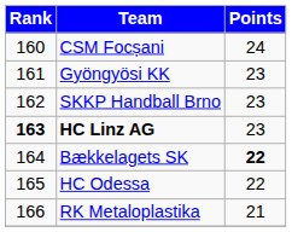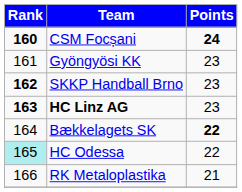 <table class="wikitable" style="text-align: center;">
 <tr>
 <th style="color:white; background:#0000FF">Rank</th>
 <th style="color:white; background:#0000FF">Team</th>
 <th style="color:white; background:#0000FF">Points</th>
 </tr>
 <tr>
-<td>160</td>
+<td><strong>160</strong></td>
 <td align=left> <a href='#'>CSM Focșani</a></td>
-<td>24</td>
+<td><strong>24</strong></td>
 </tr>
 <tr>
 <td>161</td>
 <td align=left> <a href='#'>Gyöngyösi KK</a></td>
 <td>23</td>
 </tr>
 <tr>
-<td>162</td>
+<td><strong>162</strong></td>
 <td align=left> <a href='#'>SKKP Handball Brno</a></td>
 <td>23</td>
 </tr>
 <tr>
 <td><strong>163</strong></td>
 <td align=left> <strong>HC Linz AG</strong></td>
 <td>23</td>
 </tr>
 <tr>
 <td>164</td>
 <td align=left> <a href='#'>Bækkelagets SK</a></td>
 <td><strong>22</strong></td>
 </tr>
 <tr>
-<td>165</td>
+<td style="background: paleturquoise;">165</td>
 <td align=left> <a href='#'>HC Odessa</a></td>
 <td>22</td>
 </tr>
 <tr>
 <td>166</td>
 <td align=left> <a href='#'>RK Metaloplastika</a></td>
 <td>21</td>
 </tr>
 <tr>
 </tr>
 </table>
